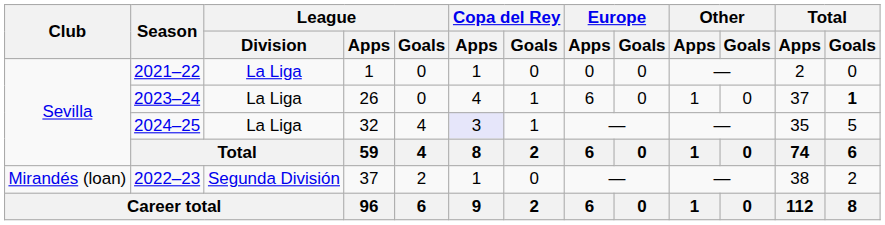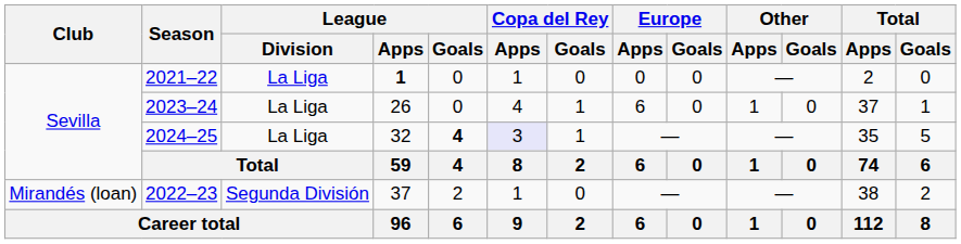 <table class="wikitable" style="text-align:center">
 <tr>
 <th rowspan="2">Club</th>
 <th rowspan="2">Season</th>
 <th colspan="3">League</th>
 <th colspan="2"><a href='#'>Copa del Rey</a></th>
 <th colspan="2"><a href='#'>Europe</a></th>
 <th colspan="2">Other</th>
 <th colspan="2">Total</th>
 </tr>
 <tr>
 <th>Division</th>
 <th>Apps</th>
 <th>Goals</th>
 <th>Apps</th>
 <th>Goals</th>
 <th>Apps</th>
 <th>Goals</th>
 <th>Apps</th>
 <th>Goals</th>
 <th>Apps</th>
 <th>Goals</th>
 </tr>
 <tr>
 <td rowspan="4"><a href='#'>Sevilla</a></td>
 <td><a href='#'>2021–22</a></td>
 <td><a href='#'>La Liga</a></td>
-<td>1</td>
+<td><strong>1</strong></td>
 <td>0</td>
 <td>1</td>
 <td>0</td>
 <td>0</td>
 <td>0</td>
 <td colspan="2">—</td>
 <td>2</td>
 <td>0</td>
 </tr>
 <tr>
 <td><a href='#'>2023–24</a></td>
 <td>La Liga</td>
 <td>26</td>
 <td>0</td>
 <td>4</td>
 <td>1</td>
 <td>6</td>
 <td>0</td>
 <td>1</td>
 <td>0</td>
 <td>37</td>
-<td><strong>1</strong></td>
+<td>1</td>
 </tr>
 <tr>
 <td><a href='#'>2024–25</a></td>
 <td>La Liga</td>
 <td>32</td>
-<td>4</td>
+<td><strong>4</strong></td>
 <td style="background: lavender;">3</td>
 <td>1</td>
 <td colspan="2">—</td>
 <td colspan="2">—</td>
 <td>35</td>
 <td>5</td>
 </tr>
 <tr>
 <th colspan="2">Total</th>
 <th>59</th>
 <th>4</th>
 <th>8</th>
 <th>2</th>
 <th>6</th>
 <th>0</th>
 <th>1</th>
 <th>0</th>
 <th>74</th>
 <th>6</th>
 </tr>
 <tr>
 <td><a href='#'>Mirandés</a> (loan)</td>
 <td><a href='#'>2022–23</a></td>
 <td><a href='#'>Segunda División</a></td>
 <td>37</td>
 <td>2</td>
 <td>1</td>
 <td>0</td>
 <td colspan="2">—</td>
 <td colspan="2">—</td>
 <td>38</td>
 <td>2</td>
 </tr>
 <tr>
 <th colspan="3">Career total</th>
 <th>96</th>
 <th>6</th>
 <th>9</th>
 <th>2</th>
 <th>6</th>
 <th>0</th>
 <th>1</th>
 <th>0</th>
 <th>112</th>
 <th>8</th>
 </tr>
 </table>
